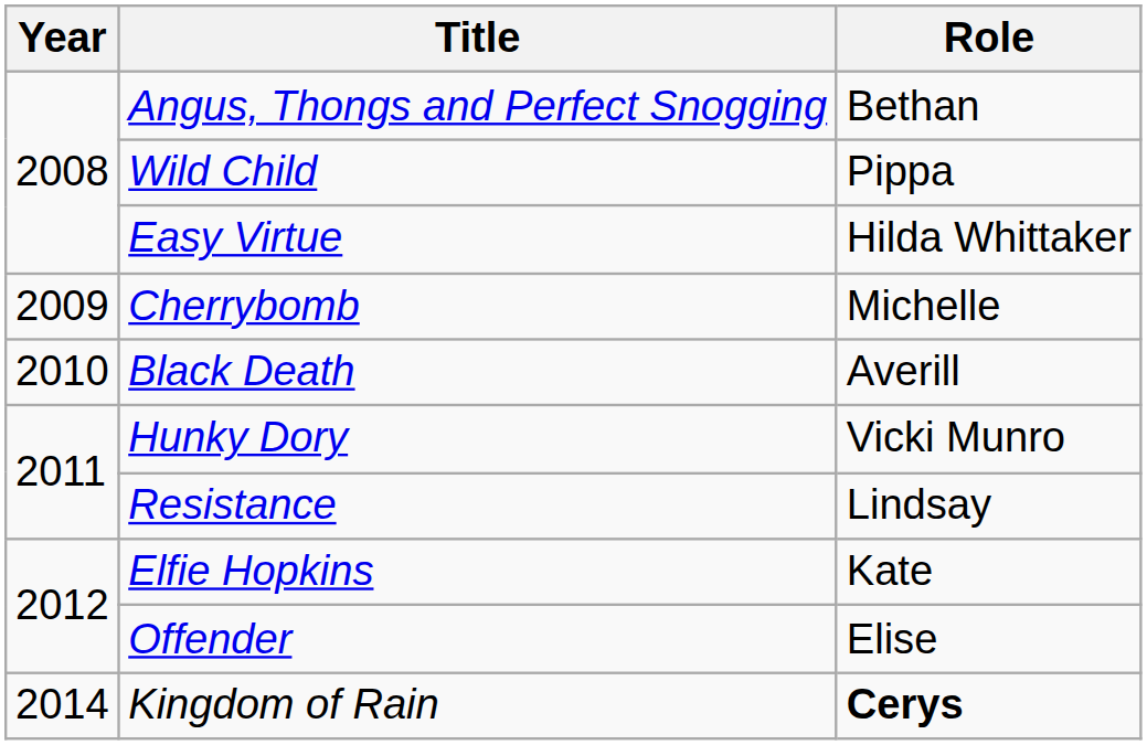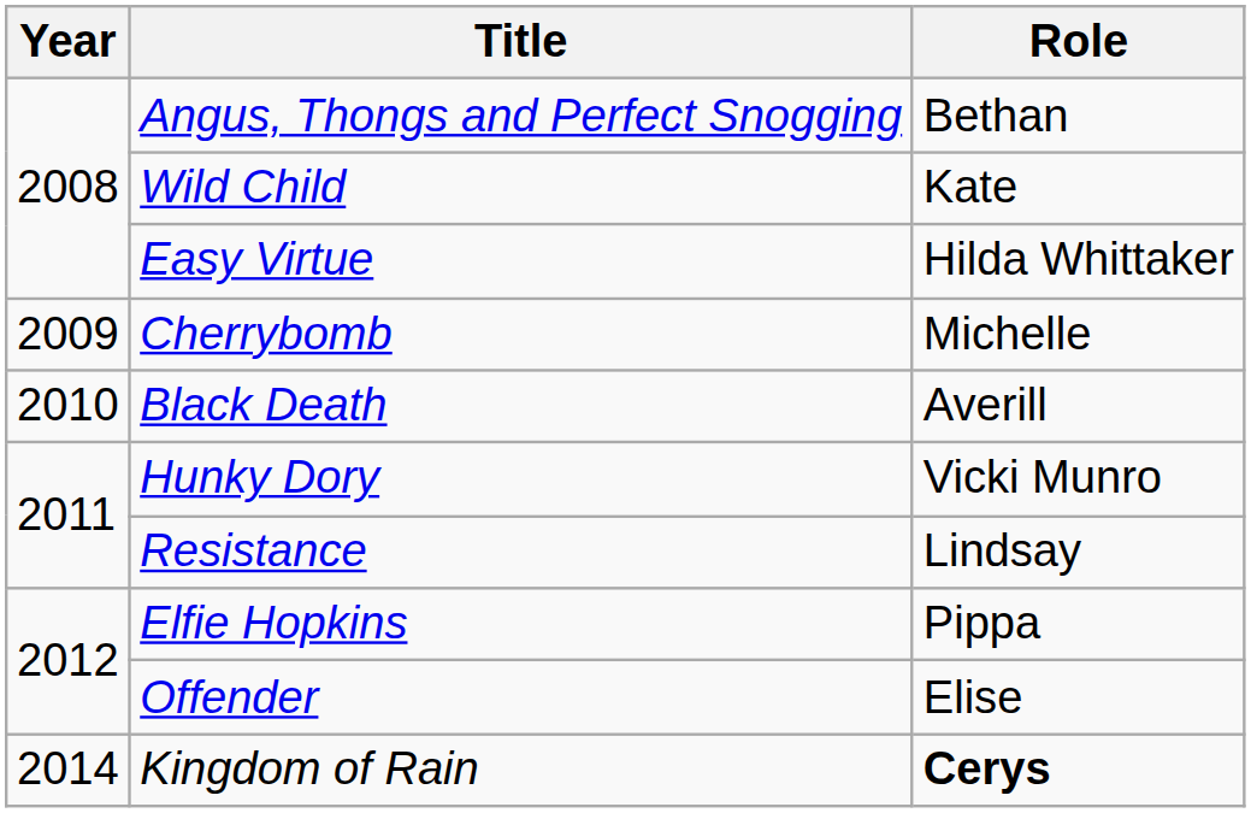 <table class="wikitable sortable">
 <tr>
 <th>Year</th>
 <th>Title</th>
 <th>Role</th>
 </tr>
 <tr>
 <td rowspan=3>2008</td>
 <td><em><a href='#'>Angus, Thongs and Perfect Snogging</a></em></td>
 <td>Bethan</td>
 </tr>
 <tr>
 <td><em><a href='#'>Wild Child</a></em></td>
-<td>Pippa</td>
+<td>Kate</td>
 </tr>
 <tr>
 <td><em><a href='#'>Easy Virtue</a></em></td>
 <td>Hilda Whittaker</td>
 </tr>
 <tr>
 <td>2009</td>
 <td><em><a href='#'>Cherrybomb</a></em></td>
 <td>Michelle</td>
 </tr>
 <tr>
 <td>2010</td>
 <td><em><a href='#'>Black Death</a></em></td>
 <td>Averill</td>
 </tr>
 <tr>
 <td rowspan=2>2011</td>
 <td><em><a href='#'>Hunky Dory</a></em></td>
 <td>Vicki Munro</td>
 </tr>
 <tr>
 <td><em><a href='#'>Resistance</a></em></td>
 <td>Lindsay</td>
 </tr>
 <tr>
 <td rowspan=2>2012</td>
 <td><em><a href='#'>Elfie Hopkins</a></em></td>
-<td>Kate</td>
+<td>Pippa</td>
 </tr>
 <tr>
 <td><em><a href='#'>Offender</a></em></td>
 <td>Elise</td>
 </tr>
 <tr>
 <td>2014</td>
 <td><em>Kingdom of Rain</em></td>
 <td><strong>Cerys</strong></td>
 </tr>
 </table>
